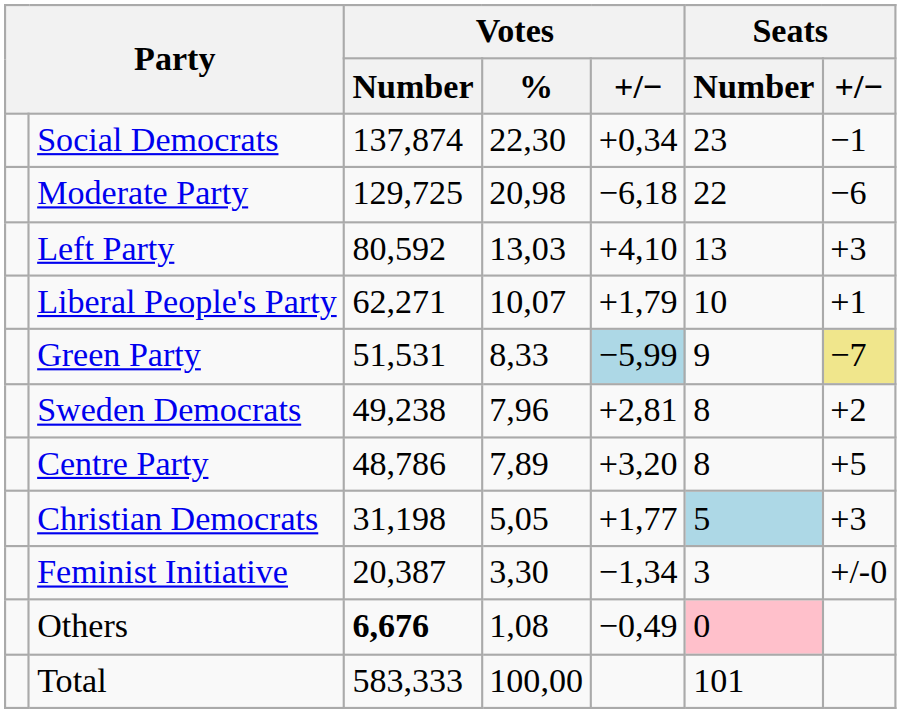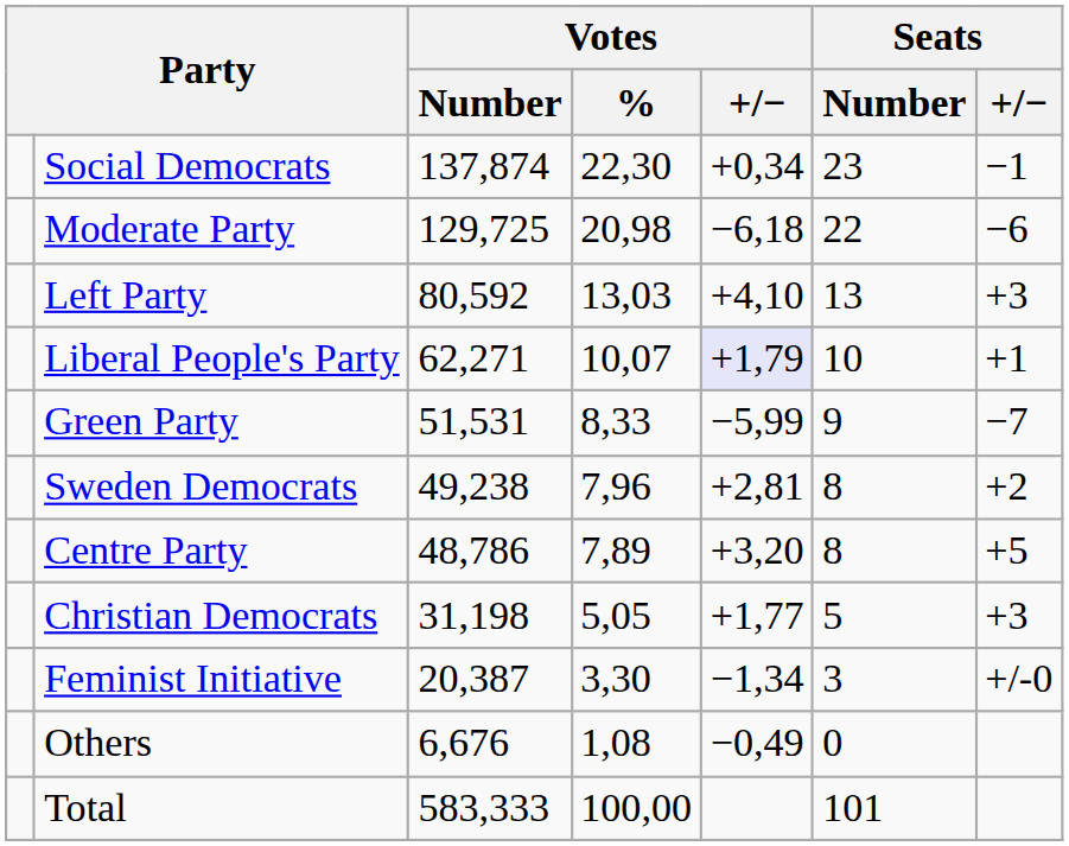 <table class="wikitable">
 <tr>
 <th rowspan="2" colspan="2">Party</th>
 <th rowspan="1" colspan="3">Votes</th>
 <th colspan="2">Seats</th>
 </tr>
 <tr>
 <th>Number</th>
 <th>%</th>
 <th>+/−</th>
 <th>Number</th>
 <th>+/−</th>
 </tr>
 <tr>
 <td bgcolor=> </td>
 <td><a href='#'>Social Democrats</a></td>
 <td>137,874</td>
 <td>22,30</td>
 <td>+0,34</td>
 <td>23</td>
 <td>−1</td>
 </tr>
 <tr>
 <td> </td>
 <td><a href='#'>Moderate Party</a></td>
 <td>129,725</td>
 <td>20,98</td>
 <td>−6,18</td>
 <td>22</td>
 <td>−6</td>
 </tr>
 <tr>
 <td bgcolor=> </td>
 <td><a href='#'>Left Party</a></td>
 <td>80,592</td>
 <td>13,03</td>
 <td>+4,10</td>
 <td>13</td>
 <td>+3</td>
 </tr>
 <tr>
 <td bgcolor=> </td>
 <td><a href='#'>Liberal People's Party</a></td>
 <td>62,271</td>
 <td>10,07</td>
-<td>+1,79</td>
+<td style="background: lavender;">+1,79</td>
 <td>10</td>
 <td>+1</td>
 </tr>
 <tr>
 <td bgcolor=> </td>
 <td><a href='#'>Green Party</a></td>
 <td>51,531</td>
 <td>8,33</td>
-<td style="background: lightblue;">−5,99</td>
+<td>−5,99</td>
 <td>9</td>
-<td style="background: khaki;">−7</td>
+<td>−7</td>
 </tr>
 <tr>
 <td bgcolor=> </td>
 <td><a href='#'>Sweden Democrats</a></td>
 <td>49,238</td>
 <td>7,96</td>
 <td>+2,81</td>
 <td>8</td>
 <td>+2</td>
 </tr>
 <tr>
 <td bgcolor=> </td>
 <td><a href='#'>Centre Party</a></td>
 <td>48,786</td>
 <td>7,89</td>
 <td>+3,20</td>
 <td>8</td>
 <td>+5</td>
 </tr>
 <tr>
 <td> </td>
 <td><a href='#'>Christian Democrats</a></td>
 <td>31,198</td>
 <td>5,05</td>
 <td>+1,77</td>
-<td style="background: lightblue;">5</td>
+<td>5</td>
 <td>+3</td>
 </tr>
 <tr>
 <td> </td>
 <td><a href='#'>Feminist Initiative</a></td>
 <td>20,387</td>
 <td>3,30</td>
 <td>−1,34</td>
 <td>3</td>
 <td>+/-0</td>
 </tr>
 <tr>
 <td></td>
 <td>Others</td>
-<td><strong>6,676</strong></td>
+<td>6,676</td>
 <td>1,08</td>
 <td>−0,49</td>
-<td style="background: pink;">0</td>
+<td>0</td>
 <td></td>
 </tr>
 <tr>
 <td></td>
 <td>Total</td>
 <td>583,333</td>
 <td>100,00</td>
 <td></td>
 <td>101</td>
 <td></td>
 </tr>
 </table>
